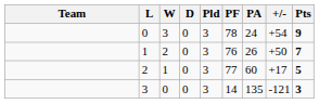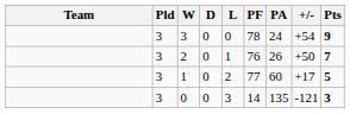 <table class="wikitable">
 <tr>
 <th width="175">Team</th>
-<th width="20">L</th>
+<th width="20">Pld</th>
 <th width="20">W</th>
 <th width="20">D</th>
-<th width="20">Pld</th>
+<th width="20">L</th>
 <th width="20">PF</th>
 <th width="20">PA</th>
 <th width="20">+/-</th>
 <th width="20">Pts</th>
 </tr>
 <tr>
 <td align=left></td>
-<td>0</td>
+<td>3</td>
 <td>3</td>
 <td>0</td>
-<td>3</td>
+<td>0</td>
 <td>78</td>
 <td>24</td>
 <td>+54</td>
 <td><strong>9</strong></td>
 </tr>
 <tr>
 <td align=left></td>
-<td>1</td>
+<td>3</td>
 <td>2</td>
 <td>0</td>
-<td>3</td>
+<td>1</td>
 <td>76</td>
 <td>26</td>
 <td>+50</td>
 <td><strong>7</strong></td>
 </tr>
 <tr>
 <td align=left></td>
-<td>2</td>
+<td>3</td>
 <td>1</td>
 <td>0</td>
-<td>3</td>
+<td>2</td>
 <td>77</td>
 <td>60</td>
 <td>+17</td>
 <td><strong>5</strong></td>
 </tr>
 <tr>
 <td align=left></td>
 <td>3</td>
 <td>0</td>
 <td>0</td>
 <td>3</td>
 <td>14</td>
 <td>135</td>
 <td>-121</td>
 <td><strong>3</strong></td>
 </tr>
 </table>
